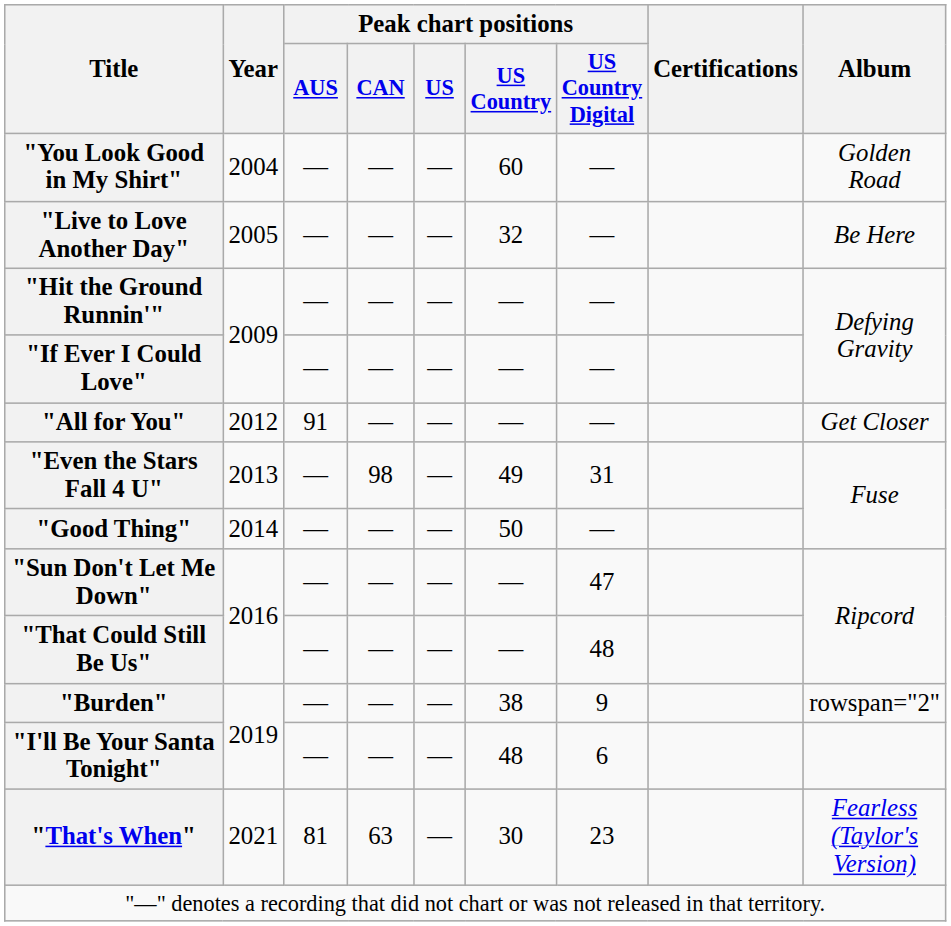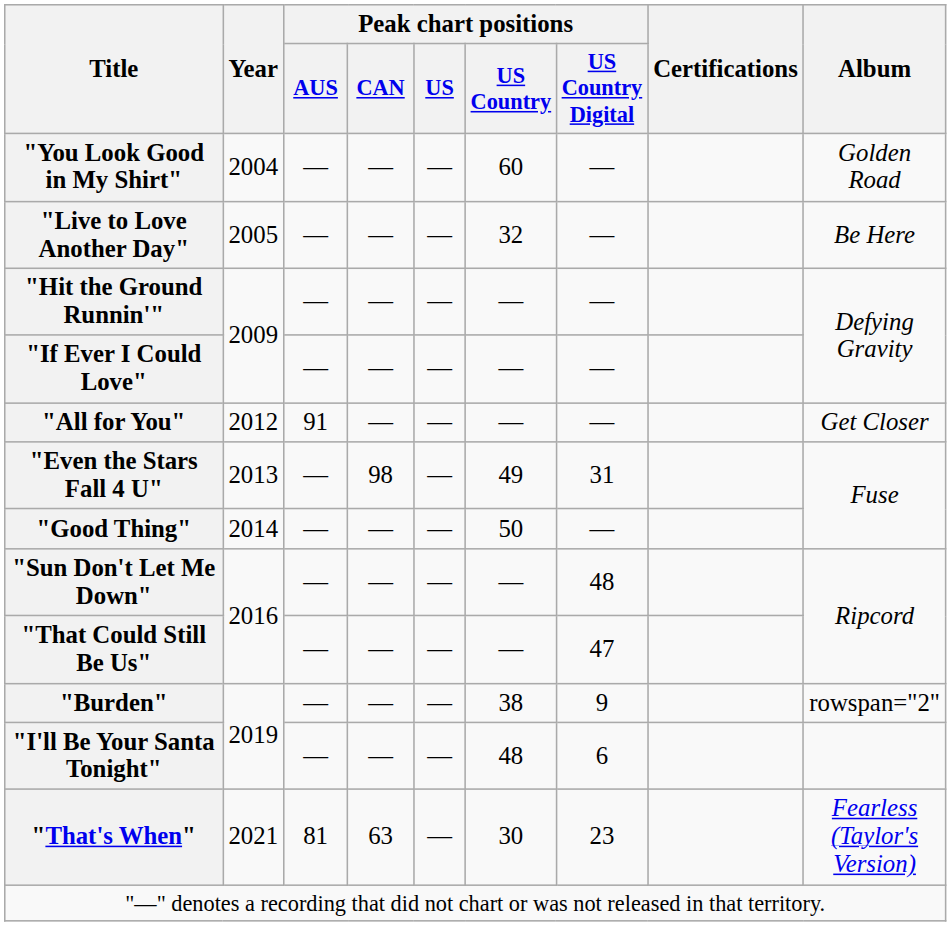 <table class="wikitable plainrowheaders" style="text-align:center;" border="1">
 <tr>
 <th scope="col" rowspan="2" style="width:20em;">Title</th>
 <th scope="col" rowspan="2">Year</th>
 <th scope="col" colspan="5">Peak chart positions</th>
 <th scope="col" rowspan="2">Certifications</th>
 <th scope="col" rowspan="2">Album</th>
 </tr>
 <tr>
 <th scope="col" style="width:3.5em;font-size:90%;"><a href='#'>AUS</a><br></th>
 <th scope="col" style="width:3.5em;font-size:90%;"><a href='#'>CAN</a><br></th>
 <th scope="col" style="width:3.5em;font-size:90%;"><a href='#'>US</a><br></th>
 <th scope="col" style="width:3.5em;font-size:90%;"><a href='#'>US<br>Country</a><br></th>
 <th scope="col" style="width:3.5em;font-size:90%;"><a href='#'>US Country Digital</a><br></th>
 </tr>
 <tr>
 <th scope="row">"You Look Good in My Shirt"</th>
 <td>2004</td>
 <td>—</td>
 <td>—</td>
 <td>—</td>
 <td>60</td>
 <td>—</td>
 <td></td>
 <td><em>Golden Road</em></td>
 </tr>
 <tr>
 <th scope="row">"Live to Love Another Day"</th>
 <td>2005</td>
 <td>—</td>
 <td>—</td>
 <td>—</td>
 <td>32</td>
 <td>—</td>
 <td></td>
 <td><em>Be Here</em></td>
 </tr>
 <tr>
 <th scope="row">"Hit the Ground Runnin'"</th>
 <td rowspan="2">2009</td>
 <td>—</td>
 <td>—</td>
 <td>—</td>
 <td>—</td>
 <td>—</td>
 <td></td>
 <td rowspan="2"><em>Defying Gravity</em></td>
 </tr>
 <tr>
 <th scope="row">"If Ever I Could Love"</th>
 <td>—</td>
 <td>—</td>
 <td>—</td>
 <td>—</td>
 <td>—</td>
 <td></td>
 </tr>
 <tr>
 <th scope="row">"All for You"</th>
 <td>2012</td>
 <td>91</td>
 <td>—</td>
 <td>—</td>
 <td>—</td>
 <td>—</td>
 <td></td>
 <td><em>Get Closer</em></td>
 </tr>
 <tr>
 <th scope="row">"Even the Stars Fall 4 U"</th>
 <td>2013</td>
 <td>—</td>
 <td>98</td>
 <td>—</td>
 <td>49</td>
 <td>31</td>
 <td></td>
 <td rowspan="2"><em>Fuse</em></td>
 </tr>
 <tr>
 <th scope="row">"Good Thing"</th>
 <td>2014</td>
 <td>—</td>
 <td>—</td>
 <td>—</td>
 <td>50</td>
 <td>—</td>
 <td></td>
 </tr>
 <tr>
 <th scope="row">"Sun Don't Let Me Down"<br></th>
 <td rowspan="2">2016</td>
 <td>—</td>
 <td>—</td>
 <td>—</td>
 <td>—</td>
-<td>47</td>
+<td>48</td>
 <td></td>
 <td rowspan="2"><em>Ripcord</em></td>
 </tr>
 <tr>
 <th scope="row">"That Could Still Be Us"</th>
 <td>—</td>
 <td>—</td>
 <td>—</td>
 <td>—</td>
-<td>48</td>
+<td>47</td>
 <td></td>
 </tr>
 <tr>
 <th scope="row">"Burden"</th>
 <td rowspan="2">2019</td>
 <td>—</td>
 <td>—</td>
 <td>—</td>
 <td>38</td>
 <td>9</td>
 <td></td>
 <td>rowspan="2" </td>
 </tr>
 <tr>
 <th scope="row">"I'll Be Your Santa Tonight"</th>
 <td>—</td>
 <td>—</td>
 <td>—</td>
 <td>48</td>
 <td>6</td>
 <td></td>
 </tr>
 <tr>
 <th scope="row">"<a href='#'>That's When</a>"<br></th>
 <td>2021</td>
 <td>81</td>
 <td>63</td>
 <td>—</td>
 <td>30</td>
 <td>23</td>
 <td></td>
 <td><em><a href='#'>Fearless (Taylor's Version)</a></em></td>
 </tr>
 <tr>
 <td colspan="9" style="font-size:90%">"—" denotes a recording that did not chart or was not released in that territory.</td>
 </tr>
 </table>
